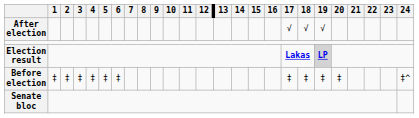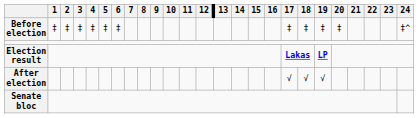 <table class="wikitable" style="text-align:center; font-size:95%">
 <tr>
 <th></th>
 <th width="30px">1</th>
 <th width="30px">2</th>
 <th width="30px">3</th>
 <th width="30px">4</th>
 <th width="30px">5</th>
 <th width="30px">6</th>
 <th width="30px">7</th>
 <th width="30px">8</th>
 <th width="30px">9</th>
 <th width="30px">10</th>
 <th width="30px">11</th>
 <th width="30px">12</th>
 <th width="30px" style="border-left:5px solid black;">13</th>
 <th width="30px">14</th>
 <th width="30px">15</th>
 <th width="30px">16</th>
 <th width="30px">17</th>
 <th width="30px">18</th>
 <th width="30px">19</th>
 <th width="30px">20</th>
 <th width="30px">21</th>
 <th width="30px">22</th>
 <th width="30px">23</th>
 <th width="30px">24</th>
 </tr>
 <tr>
+<th>Before election</th>
+<td>‡</td>
+<td>‡</td>
+<td>‡</td>
+<td>‡</td>
+<td>‡</td>
+<td>‡</td>
+<td></td>
+<td></td>
+<td></td>
+<td></td>
+<td></td>
+<td></td>
+<td></td>
+<td></td>
+<td></td>
+<td></td>
+<td>‡</td>
+<td>‡</td>
+<td>‡</td>
+<td>‡</td>
+<td></td>
+<td></td>
+<td></td>
+<td>‡^</td>
+</tr>
+<tr>
+<td colspan="25"></td>
+</tr>
+<tr>
+<th>Election result</th>
+<td colspan="16"><a href='#'><strong></strong></a></td>
+<td colspan="2"><strong><a href='#'>Lakas</a></strong></td>
+<td><strong><a href='#'>LP</a></strong></td>
+<td colspan="5"><strong><a href='#'></a></strong></td>
+</tr>
+<tr>
 <th>After election</th>
 <td></td>
 <td></td>
 <td></td>
 <td></td>
 <td></td>
 <td></td>
 <td></td>
 <td></td>
 <td></td>
 <td></td>
 <td></td>
 <td></td>
 <td></td>
 <td></td>
 <td></td>
 <td></td>
 <td>√</td>
 <td>√</td>
 <td>√</td>
 <td></td>
 <td></td>
 <td></td>
 <td></td>
 <td></td>
 </tr>
 <tr>
-<td colspan="25"></td>
-</tr>
-<tr>
-<th>Election result</th>
-<td colspan="16"><a href='#'><strong></strong></a></td>
-<td colspan="2"><strong><a href='#'>Lakas</a></strong></td>
-<td style="background: lightgrey;"><strong><a href='#'>LP</a></strong></td>
-<td colspan="5"><strong><a href='#'></a></strong></td>
-</tr>
-<tr>
-<th>Before election</th>
-<td>‡</td>
-<td>‡</td>
-<td>‡</td>
-<td>‡</td>
-<td>‡</td>
-<td>‡</td>
-<td></td>
-<td></td>
-<td></td>
-<td></td>
-<td></td>
-<td></td>
-<td></td>
-<td></td>
-<td></td>
-<td></td>
-<td>‡</td>
-<td>‡</td>
-<td>‡</td>
-<td>‡</td>
-<td></td>
-<td></td>
-<td></td>
-<td>‡^</td>
-</tr>
-<tr>
 <th>Senate bloc</th>
 <td colspan=23></td>
 <td></td>
 </tr>
 </table>
